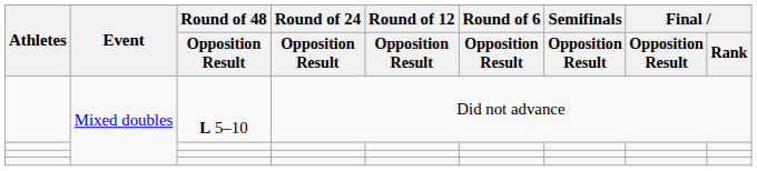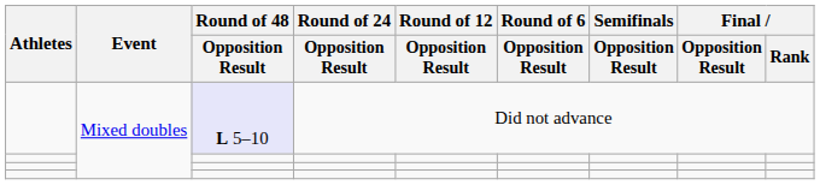 <table class="wikitable" style="font-size:90%; text-align:center;">
 <tr>
 <th rowspan=2>Athletes</th>
 <th rowspan=2>Event</th>
 <th>Round of 48</th>
 <th>Round of 24</th>
 <th>Round of 12</th>
 <th>Round of 6</th>
 <th>Semifinals</th>
 <th colspan=2>Final / </th>
 </tr>
 <tr style="font-size:95%">
 <th>Opposition<br>Result</th>
 <th>Opposition<br>Result</th>
 <th>Opposition<br>Result</th>
 <th>Opposition<br>Result</th>
 <th>Opposition<br>Result</th>
 <th>Opposition<br>Result</th>
 <th>Rank</th>
 </tr>
 <tr>
 <td align=left><br></td>
 <td align=left rowspan=4><a href='#'>Mixed doubles</a></td>
-<td><br><br><strong>L</strong> 5–10</td>
+<td style="background: lavender;"><br><br><strong>L</strong> 5–10</td>
 <td align=center colspan=6>Did not advance</td>
 </tr>
 <tr>
 <td align=left></td>
 <td></td>
 <td></td>
 <td></td>
 <td></td>
 <td></td>
 <td></td>
 <td></td>
 </tr>
 <tr>
 <td align=left></td>
 <td></td>
 <td></td>
 <td></td>
 <td></td>
 <td></td>
 <td></td>
 <td></td>
 </tr>
 <tr>
 <td align=left></td>
 <td></td>
 <td></td>
 <td></td>
 <td></td>
 <td></td>
 <td></td>
 <td></td>
 </tr>
 </table>
